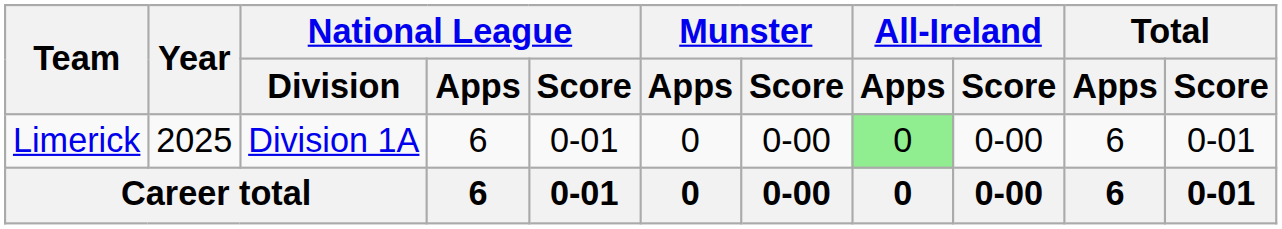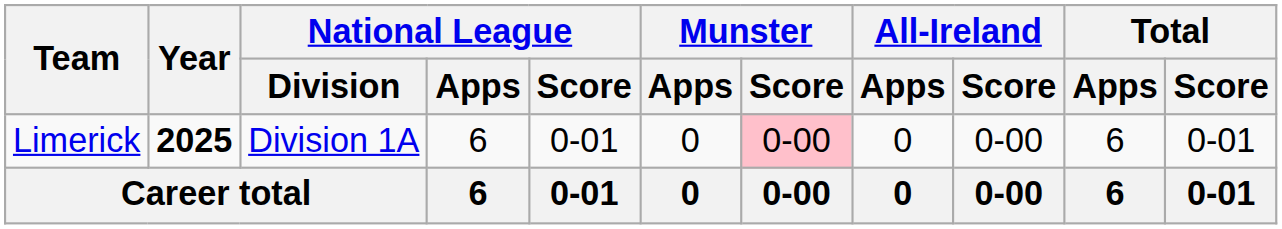 <table class="wikitable" style="text-align:center">
 <tr>
 <th rowspan="2">Team</th>
 <th rowspan="2">Year</th>
 <th colspan="3"><a href='#'>National League</a></th>
 <th colspan="2"><a href='#'>Munster</a></th>
 <th colspan="2"><a href='#'>All-Ireland</a></th>
 <th colspan="2">Total</th>
 </tr>
 <tr>
 <th>Division</th>
 <th>Apps</th>
 <th>Score</th>
 <th>Apps</th>
 <th>Score</th>
 <th>Apps</th>
 <th>Score</th>
 <th>Apps</th>
 <th>Score</th>
 </tr>
 <tr>
 <td rowspan="1"><a href='#'>Limerick</a></td>
-<td>2025</td>
+<td><strong>2025</strong></td>
 <td rowspan="1"><a href='#'>Division 1A</a></td>
 <td>6</td>
 <td>0-01</td>
 <td>0</td>
-<td>0-00</td>
-<td style="background: lightgreen;">0</td>
+<td style="background: pink;">0-00</td>
+<td>0</td>
 <td>0-00</td>
 <td>6</td>
 <td>0-01</td>
 </tr>
 <tr>
 <th colspan="3">Career total</th>
 <th>6</th>
 <th>0-01</th>
 <th>0</th>
 <th>0-00</th>
 <th>0</th>
 <th>0-00</th>
 <th>6</th>
 <th>0-01</th>
 </tr>
 </table>
